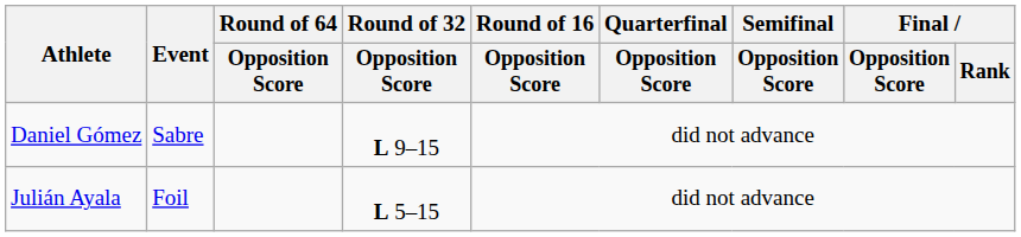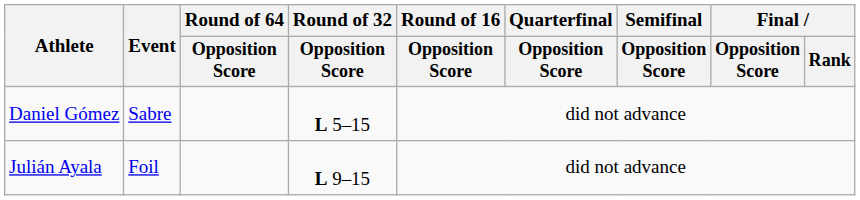 <table class="wikitable" style="font-size:90%">
 <tr>
 <th rowspan=2>Athlete</th>
 <th rowspan=2>Event</th>
 <th>Round of 64</th>
 <th>Round of 32</th>
 <th>Round of 16</th>
 <th>Quarterfinal</th>
 <th>Semifinal</th>
 <th colspan=2>Final / </th>
 </tr>
 <tr style="font-size:95%">
 <th>Opposition<br>Score</th>
 <th>Opposition<br>Score</th>
 <th>Opposition<br>Score</th>
 <th>Opposition<br>Score</th>
 <th>Opposition<br>Score</th>
 <th>Opposition<br>Score</th>
 <th>Rank</th>
 </tr>
 <tr align=center>
 <td align=left><a href='#'>Daniel Gómez</a></td>
 <td align=left><a href='#'>Sabre</a></td>
 <td></td>
-<td><br><strong>L</strong> 9–15</td>
+<td><br><strong>L</strong> 5–15</td>
 <td colspan=5>did not advance</td>
 </tr>
 <tr align=center>
 <td align=left><a href='#'>Julián Ayala</a></td>
 <td align=left><a href='#'>Foil</a></td>
 <td></td>
-<td><br><strong>L</strong> 5–15</td>
+<td><br><strong>L</strong> 9–15</td>
 <td colspan=5>did not advance</td>
 </tr>
 </table>
